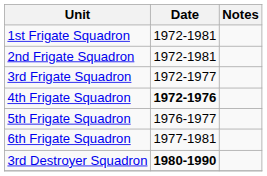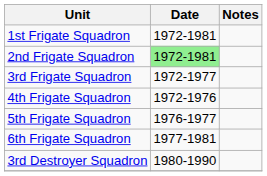 <table class="wikitable">
 <tr>
 <th>Unit</th>
 <th>Date</th>
 <th>Notes</th>
 </tr>
 <tr>
 <td><a href='#'>1st Frigate Squadron</a></td>
 <td>1972-1981</td>
 <td></td>
 </tr>
 <tr>
 <td><a href='#'>2nd Frigate Squadron</a></td>
-<td>1972-1981</td>
+<td style="background: lightgreen;">1972-1981</td>
 <td></td>
 </tr>
 <tr>
 <td><a href='#'>3rd Frigate Squadron</a></td>
 <td>1972-1977</td>
 <td></td>
 </tr>
 <tr>
 <td><a href='#'>4th Frigate Squadron</a></td>
-<td><strong>1972-1976</strong></td>
+<td>1972-1976</td>
 <td></td>
 </tr>
 <tr>
 <td><a href='#'>5th Frigate Squadron</a></td>
 <td>1976-1977</td>
 <td></td>
 </tr>
 <tr>
 <td><a href='#'>6th Frigate Squadron</a></td>
 <td>1977-1981</td>
 <td></td>
 </tr>
 <tr>
 <td><a href='#'>3rd Destroyer Squadron</a></td>
-<td><strong>1980-1990</strong></td>
+<td>1980-1990</td>
 <td></td>
 </tr>
 <tr>
 </tr>
 </table>
